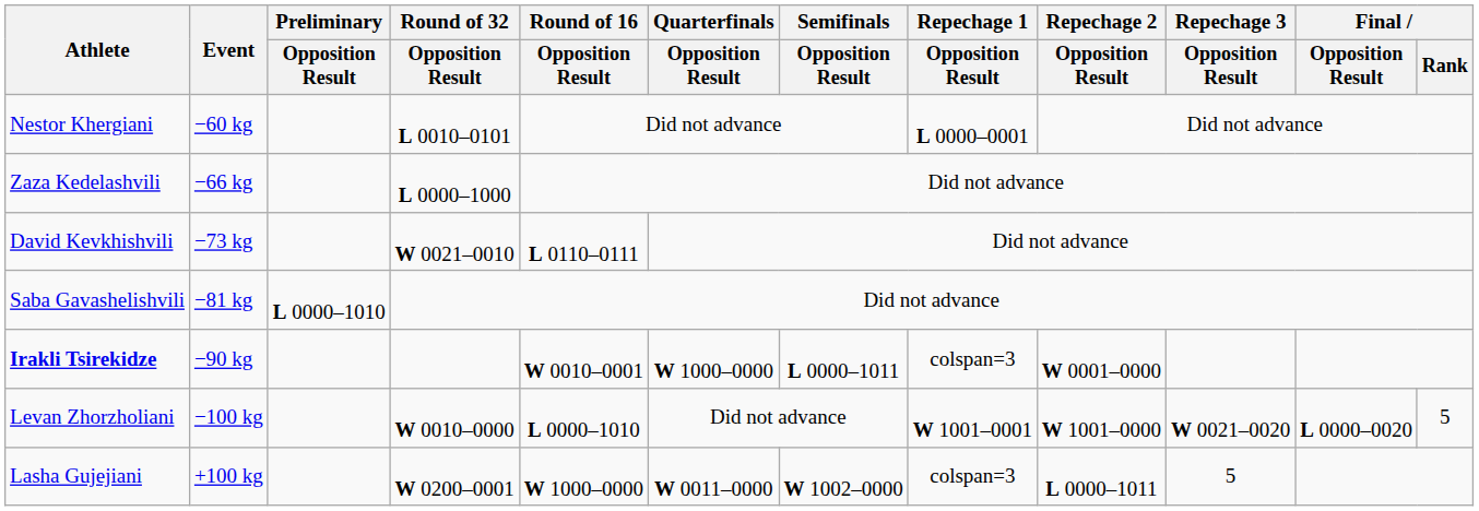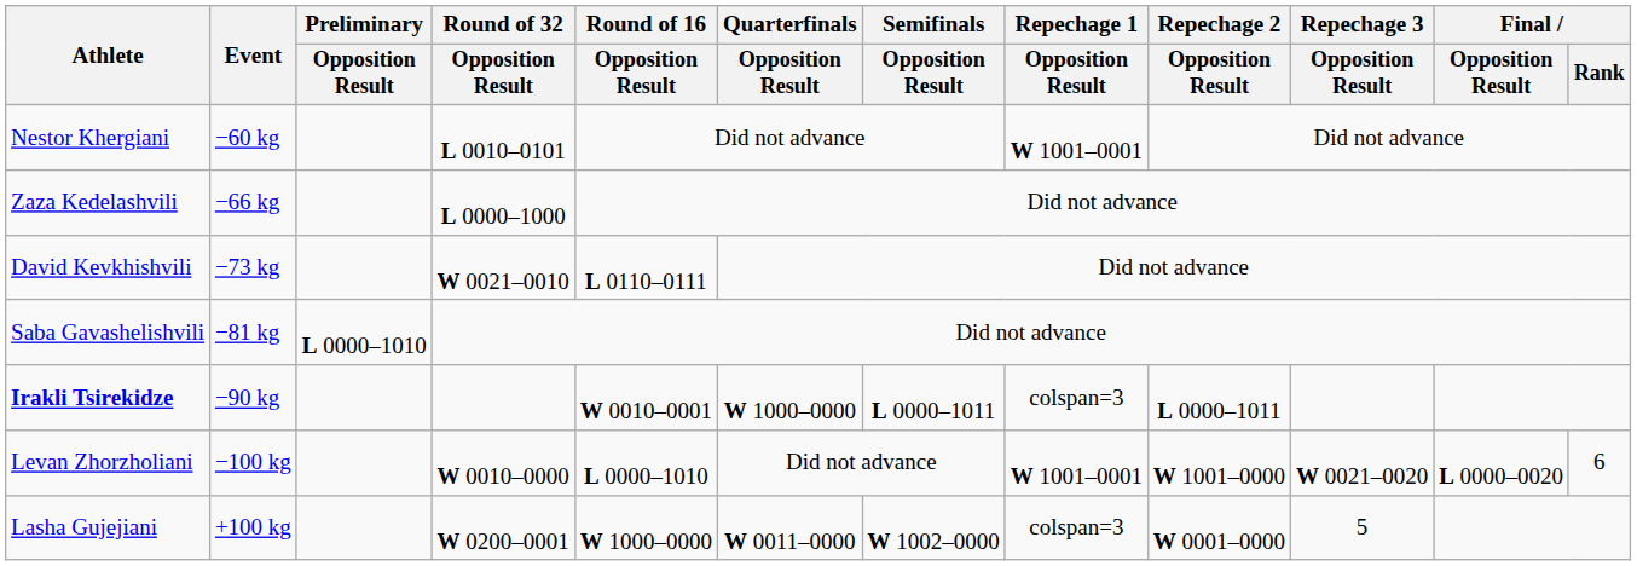 <table class="wikitable" style="font-size:90%">
 <tr>
 <th rowspan="2">Athlete</th>
 <th rowspan="2">Event</th>
 <th>Preliminary</th>
 <th>Round of 32</th>
 <th>Round of 16</th>
 <th>Quarterfinals</th>
 <th>Semifinals</th>
 <th>Repechage 1</th>
 <th>Repechage 2</th>
 <th>Repechage 3</th>
 <th colspan=2>Final / </th>
 </tr>
 <tr style="font-size:95%">
 <th>Opposition<br>Result</th>
 <th>Opposition<br>Result</th>
 <th>Opposition<br>Result</th>
 <th>Opposition<br>Result</th>
 <th>Opposition<br>Result</th>
 <th>Opposition<br>Result</th>
 <th>Opposition<br>Result</th>
 <th>Opposition<br>Result</th>
 <th>Opposition<br>Result</th>
 <th>Rank</th>
 </tr>
 <tr align=center>
 <td align=left><a href='#'>Nestor Khergiani</a></td>
 <td align=left><a href='#'>−60 kg</a></td>
 <td></td>
 <td><br><strong>L</strong> 0010–0101</td>
 <td colspan=3>Did not advance</td>
-<td><br><strong>L</strong> 0000–0001</td>
+<td><br><strong>W</strong> 1001–0001</td>
 <td colspan=4>Did not advance</td>
 </tr>
 <tr align=center>
 <td align=left><a href='#'>Zaza Kedelashvili</a></td>
 <td align=left><a href='#'>−66 kg</a></td>
 <td></td>
 <td><br><strong>L</strong> 0000–1000</td>
 <td colspan=8>Did not advance</td>
 </tr>
 <tr align=center>
 <td align=left><a href='#'>David Kevkhishvili</a></td>
 <td align=left><a href='#'>−73 kg</a></td>
 <td></td>
 <td><br><strong>W</strong> 0021–0010</td>
 <td><br><strong>L</strong> 0110–0111</td>
 <td colspan=7>Did not advance</td>
 </tr>
 <tr align=center>
 <td align=left><a href='#'>Saba Gavashelishvili</a></td>
 <td align=left><a href='#'>−81 kg</a></td>
 <td><br><strong>L</strong> 0000–1010</td>
 <td colspan=9>Did not advance</td>
 </tr>
 <tr align=center>
 <td align=left><strong><a href='#'>Irakli Tsirekidze</a></strong></td>
 <td align=left><a href='#'>−90 kg</a></td>
 <td></td>
 <td></td>
 <td><br><strong>W</strong> 0010–0001</td>
 <td><br><strong>W</strong> 1000–0000</td>
 <td><br><strong>L</strong> 0000–1011</td>
 <td>colspan=3 </td>
-<td><br><strong>W</strong> 0001–0000</td>
+<td><br><strong>L</strong> 0000–1011</td>
 <td></td>
 </tr>
 <tr align=center>
 <td align=left><a href='#'>Levan Zhorzholiani</a></td>
 <td align=left><a href='#'>−100 kg</a></td>
 <td></td>
 <td><br><strong>W</strong> 0010–0000</td>
 <td><br><strong>L</strong> 0000–1010</td>
 <td colspan=2>Did not advance</td>
 <td><br><strong>W</strong> 1001–0001</td>
 <td><br><strong>W</strong> 1001–0000</td>
 <td><br><strong>W</strong> 0021–0020</td>
 <td><br><strong>L</strong> 0000–0020</td>
-<td>5</td>
+<td>6</td>
 </tr>
 <tr align=center>
 <td align=left><a href='#'>Lasha Gujejiani</a></td>
 <td align=left><a href='#'>+100 kg</a></td>
 <td></td>
 <td><br><strong>W</strong> 0200–0001</td>
 <td><br><strong>W</strong> 1000–0000</td>
 <td><br><strong>W</strong> 0011–0000</td>
 <td><br><strong>W</strong> 1002–0000</td>
 <td>colspan=3 </td>
-<td><br><strong>L</strong> 0000–1011</td>
+<td><br><strong>W</strong> 0001–0000</td>
 <td>5</td>
 </tr>
 </table>
